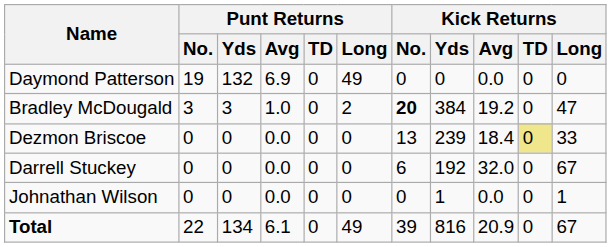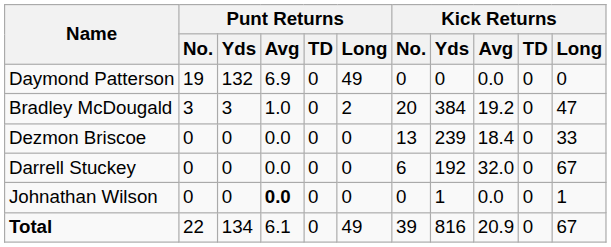 <table class="wikitable" style="white-space:nowrap">
 <tr>
 <th rowspan=2>Name</th>
 <th colspan=5>Punt Returns</th>
 <th colspan=5>Kick Returns</th>
 </tr>
 <tr>
 <th>No.</th>
 <th>Yds</th>
 <th>Avg</th>
 <th>TD</th>
 <th>Long</th>
 <th>No.</th>
 <th>Yds</th>
 <th>Avg</th>
 <th>TD</th>
 <th>Long</th>
 </tr>
 <tr>
 <td>Daymond Patterson</td>
 <td>19</td>
 <td>132</td>
 <td>6.9</td>
 <td>0</td>
 <td>49</td>
 <td>0</td>
 <td>0</td>
 <td>0.0</td>
 <td>0</td>
 <td>0</td>
 </tr>
 <tr>
 <td>Bradley McDougald</td>
 <td>3</td>
 <td>3</td>
 <td>1.0</td>
 <td>0</td>
 <td>2</td>
-<td><strong>20</strong></td>
+<td>20</td>
 <td>384</td>
 <td>19.2</td>
 <td>0</td>
 <td>47</td>
 </tr>
 <tr>
 <td>Dezmon Briscoe</td>
 <td>0</td>
 <td>0</td>
 <td>0.0</td>
 <td>0</td>
 <td>0</td>
 <td>13</td>
 <td>239</td>
 <td>18.4</td>
-<td style="background: khaki;">0</td>
+<td>0</td>
 <td>33</td>
 </tr>
 <tr>
 <td>Darrell Stuckey</td>
 <td>0</td>
 <td>0</td>
 <td>0.0</td>
 <td>0</td>
 <td>0</td>
 <td>6</td>
 <td>192</td>
 <td>32.0</td>
 <td>0</td>
 <td>67</td>
 </tr>
 <tr>
 <td>Johnathan Wilson</td>
 <td>0</td>
 <td>0</td>
-<td>0.0</td>
+<td><strong>0.0</strong></td>
 <td>0</td>
 <td>0</td>
 <td>0</td>
 <td>1</td>
 <td>0.0</td>
 <td>0</td>
 <td>1</td>
 </tr>
 <tr>
 <td><strong>Total</strong></td>
 <td>22</td>
 <td>134</td>
 <td>6.1</td>
 <td>0</td>
 <td>49</td>
 <td>39</td>
 <td>816</td>
 <td>20.9</td>
 <td>0</td>
 <td>67</td>
 </tr>
 </table>
